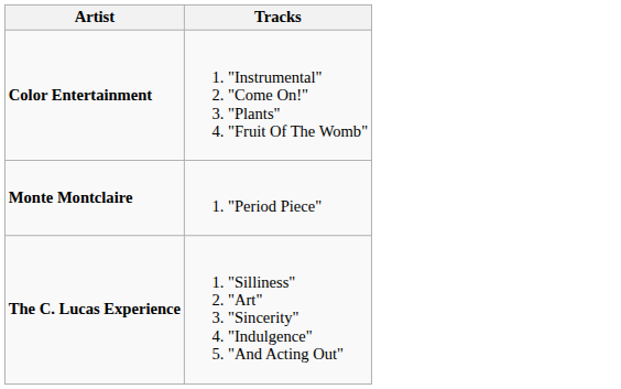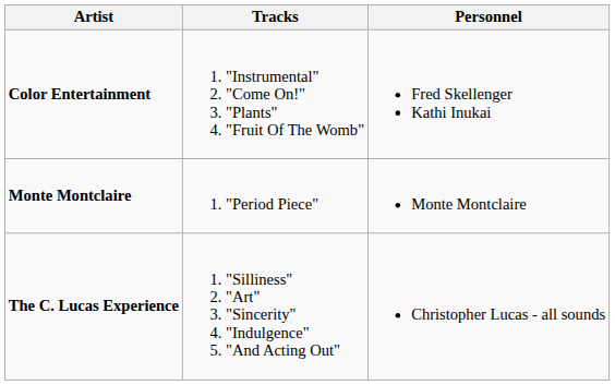 <table class="wikitable">
 <tr>
 <th>Artist</th>
 <th>Tracks</th>
+<th>Personnel</th>
 </tr>
 <tr>
 <td><strong>Color Entertainment</strong></td>
 <td><br><ol><li>"Instrumental"</li><li>"Come On!"</li><li>"Plants"</li><li>"Fruit Of The Womb"</li></ol></td>
+<td><br><ul><li>Fred Skellenger</li><li>Kathi Inukai</li></ul></td>
 </tr>
 <tr>
 <td><strong>Monte Montclaire</strong></td>
 <td><br><ol><li>"Period Piece"</li></ol></td>
+<td><br><ul><li>Monte Montclaire</li></ul></td>
 </tr>
 <tr>
 <td><strong>The C. Lucas Experience</strong></td>
 <td><br><ol><li>"Silliness"</li><li>"Art"</li><li>"Sincerity"</li><li>"Indulgence"</li><li>"And Acting Out"</li></ol></td>
+<td><br><ul><li>Christopher Lucas - all sounds</li></ul></td>
 </tr>
 </table>
